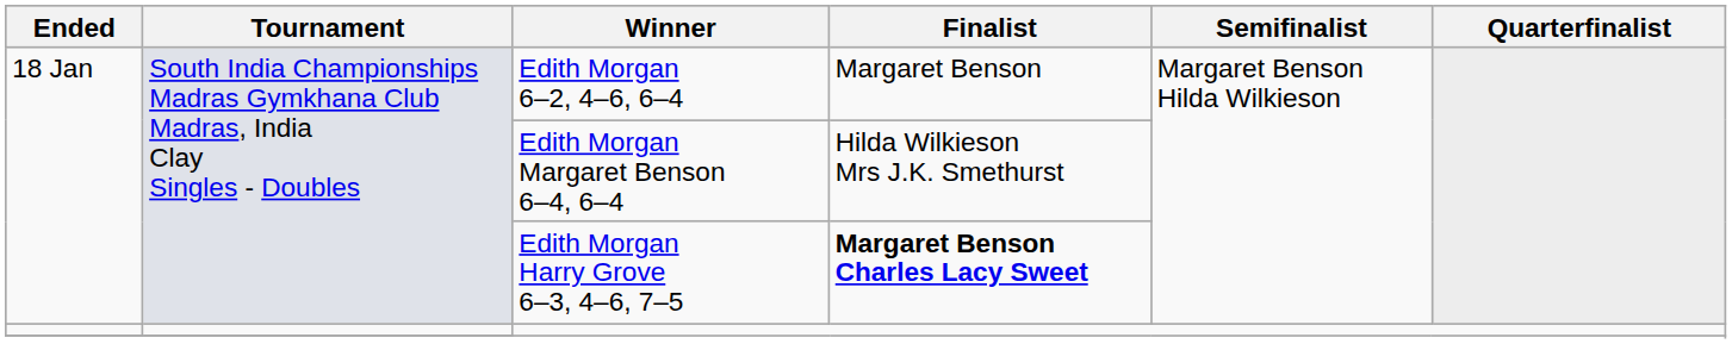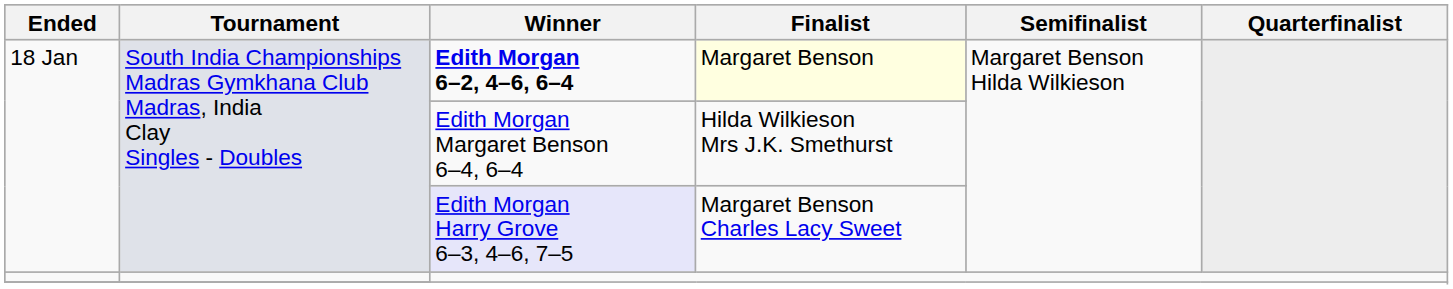 <table class="wikitable" style="font-size:85%;">
 <tr>
 <th width="75">Ended</th>
 <th width="230">Tournament</th>
 <th width="210">Winner</th>
 <th width="210">Finalist</th>
 <th width="170">Semifinalist</th>
 <th width="170">Quarterfinalist</th>
 </tr>
 <tr valign=top>
 <td rowspan=3>18 Jan</td>
 <td style="background:#dfe2e9" rowspan=3><a href='#'>South India Championships</a><br><a href='#'>Madras Gymkhana Club</a><br><a href='#'>Madras</a>, India<br>Clay<br><a href='#'>Singles</a> - <a href='#'>Doubles</a></td>
-<td> <a href='#'>Edith Morgan</a> <br>6–2, 4–6, 6–4</td>
-<td> Margaret Benson</td>
+<td><strong> <a href='#'>Edith Morgan</a> <br>6–2, 4–6, 6–4</strong></td>
+<td style="background: lightyellow;"> Margaret Benson</td>
 <td rowspan=3> Margaret Benson<br> Hilda Wilkieson</td>
 <td style="background:#ededed;" rowspan=3></td>
 </tr>
 <tr valign=top>
 <td> <a href='#'>Edith Morgan</a> <br> Margaret Benson<br>6–4, 6–4</td>
 <td> Hilda Wilkieson<br> Mrs J.K. Smethurst</td>
 </tr>
 <tr valign=top>
-<td> <a href='#'>Edith Morgan</a> <br> <a href='#'>Harry Grove</a><br>6–3, 4–6, 7–5</td>
-<td><strong> Margaret Benson <br> <a href='#'>Charles Lacy Sweet</a></strong></td>
+<td style="background: lavender;"> <a href='#'>Edith Morgan</a> <br> <a href='#'>Harry Grove</a><br>6–3, 4–6, 7–5</td>
+<td> Margaret Benson <br> <a href='#'>Charles Lacy Sweet</a></td>
 </tr>
 <tr valign=top>
 <td></td>
 <td></td>
 </tr>
 <tr valign=top>
 </tr>
 </table>
